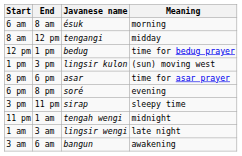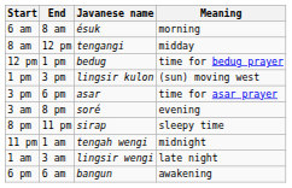 <table class="wikitable">
 <tr>
 <th>Start</th>
 <th>End</th>
 <th>Javanese name</th>
 <th>Meaning</th>
 </tr>
 <tr>
 <td>6 am</td>
 <td>8 am</td>
 <td><em>ésuk</em> <br> </td>
 <td>morning</td>
 </tr>
 <tr>
 <td>8 am</td>
 <td>12 pm</td>
 <td><em>tengangi</em> <br> </td>
 <td>midday</td>
 </tr>
 <tr>
 <td>12 pm</td>
 <td>1 pm</td>
 <td><em>bedug</em> <br> </td>
 <td>time for <a href='#'>bedug prayer</a></td>
 </tr>
 <tr>
 <td>1 pm</td>
 <td>3 pm</td>
 <td><em>lingsir kulon</em> <br> </td>
 <td>(sun) moving west</td>
 </tr>
 <tr>
-<td>8 pm</td>
+<td>3 pm</td>
 <td>6 pm</td>
 <td><em>asar</em> <br> </td>
 <td>time for <a href='#'>asar prayer</a></td>
 </tr>
 <tr>
-<td>6 pm</td>
+<td>3 am</td>
 <td>8 pm</td>
 <td><em>soré</em> <br> </td>
 <td>evening</td>
 </tr>
 <tr>
-<td>3 pm</td>
+<td>8 pm</td>
 <td>11 pm</td>
 <td><em>sirap</em> <br> </td>
 <td>sleepy time</td>
 </tr>
 <tr>
 <td>11 pm</td>
 <td>1 am</td>
 <td><em>tengah wengi</em> <br> </td>
 <td>midnight</td>
 </tr>
 <tr>
 <td>1 am</td>
 <td>3 am</td>
 <td><em>lingsir wengi</em> <br> </td>
 <td>late night</td>
 </tr>
 <tr>
-<td>3 am</td>
+<td>6 pm</td>
 <td>6 am</td>
 <td><em>bangun</em> <br> </td>
 <td>awakening</td>
 </tr>
 </table>
